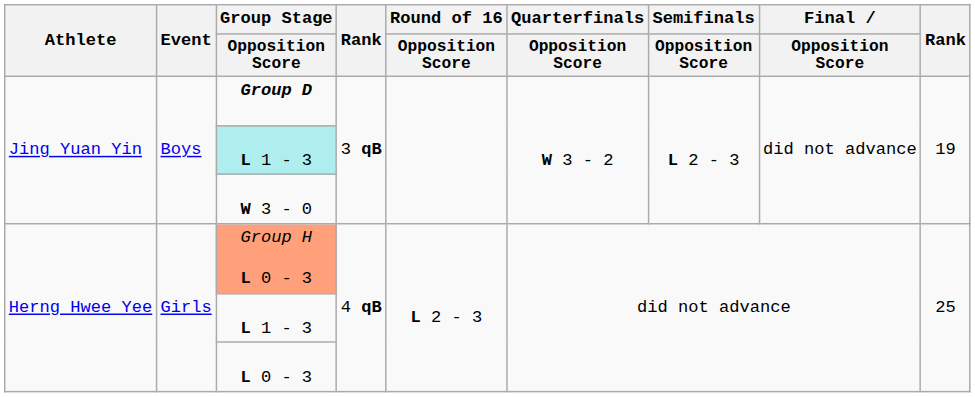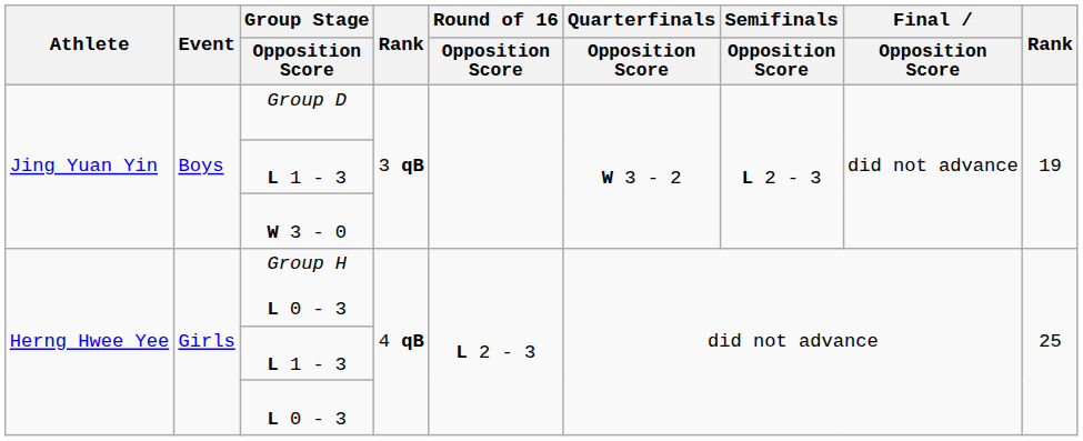 <table class=wikitable style="font-size:90%">
 <tr>
 <th rowspan="2">Athlete</th>
 <th rowspan="2">Event</th>
 <th>Group Stage</th>
 <th rowspan="2">Rank</th>
 <th>Round of 16</th>
 <th>Quarterfinals</th>
 <th>Semifinals</th>
 <th>Final / </th>
 <th rowspan=2>Rank</th>
 </tr>
 <tr style="font-size:95%">
 <th>Opposition<br>Score</th>
 <th>Opposition<br>Score</th>
 <th>Opposition<br>Score</th>
 <th>Opposition<br>Score</th>
 <th>Opposition<br>Score</th>
 </tr>
 <tr align=center>
 <td align=left rowspan=3><a href='#'>Jing Yuan Yin</a></td>
 <td align=left rowspan=3><a href='#'>Boys</a></td>
-<td><strong><em>Group D</em><br><br></strong></td>
+<td><em>Group D</em><br><br></td>
 <td rowspan=3>3 <strong>qB</strong></td>
 <td rowspan=3></td>
 <td rowspan=3><br><strong>W</strong> 3 - 2</td>
 <td rowspan=3><br><strong>L</strong> 2 - 3</td>
 <td rowspan=3>did not advance</td>
 <td rowspan=3>19</td>
 </tr>
 <tr align=center>
-<td style="background: paleturquoise;"><br><strong>L</strong> 1 - 3</td>
+<td><br><strong>L</strong> 1 - 3</td>
 </tr>
 <tr align=center>
 <td><br><strong>W</strong> 3 - 0</td>
 </tr>
 <tr align=center>
 <td align=left rowspan=3><a href='#'>Herng Hwee Yee</a></td>
 <td align=left rowspan=3><a href='#'>Girls</a></td>
-<td style="background: lightsalmon;"><em>Group H</em><br><br><strong>L</strong> 0 - 3</td>
+<td><em>Group H</em><br><br><strong>L</strong> 0 - 3</td>
 <td rowspan=3>4 <strong>qB</strong></td>
 <td rowspan=3><br><strong>L</strong> 2 - 3</td>
 <td rowspan=3 colspan=3>did not advance</td>
 <td rowspan=3>25</td>
 </tr>
 <tr align=center>
 <td><br><strong>L</strong> 1 - 3</td>
 </tr>
 <tr align=center>
 <td><br><strong>L</strong> 0 - 3</td>
 </tr>
 </table>
